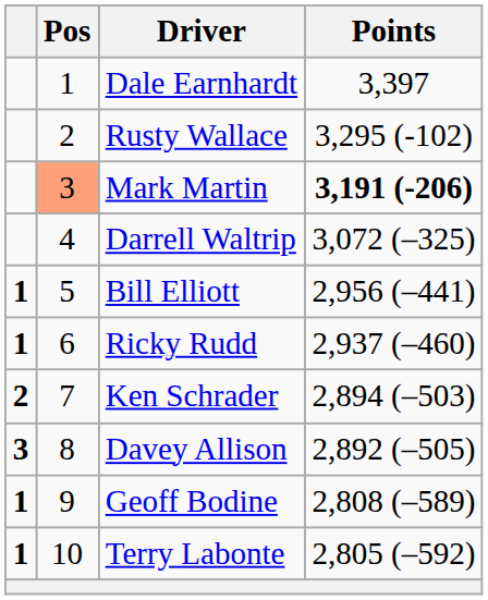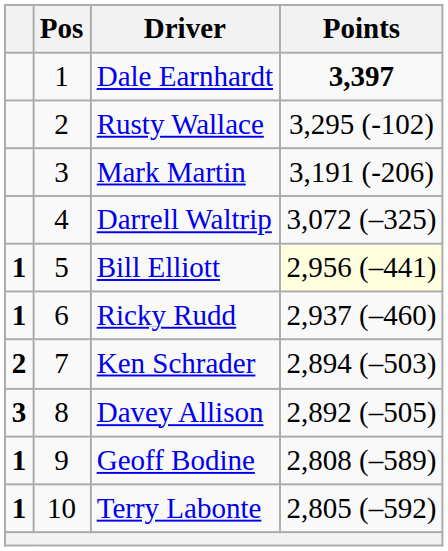 <table class="wikitable" style="font-size: 95%;">
 <tr>
 <th></th>
 <th>Pos</th>
 <th>Driver</th>
 <th>Points</th>
 </tr>
 <tr>
 <td align="left"></td>
 <td style="text-align:center;">1</td>
 <td><a href='#'>Dale Earnhardt</a></td>
-<td style="text-align:center;">3,397</td>
+<td style="text-align:center;"><strong>3,397</strong></td>
 </tr>
 <tr>
 <td align="left"></td>
 <td style="text-align:center;">2</td>
 <td><a href='#'>Rusty Wallace</a></td>
 <td style="text-align:center;">3,295 (-102)</td>
 </tr>
 <tr>
 <td align="left"></td>
-<td style="background: lightsalmon; text-align:center;">3</td>
+<td style="text-align:center;">3</td>
 <td><a href='#'>Mark Martin</a></td>
-<td style="text-align:center;"><strong>3,191 (-206)</strong></td>
+<td style="text-align:center;">3,191 (-206)</td>
 </tr>
 <tr>
 <td align="left"></td>
 <td style="text-align:center;">4</td>
 <td><a href='#'>Darrell Waltrip</a></td>
 <td style="text-align:center;">3,072 (–325)</td>
 </tr>
 <tr>
 <td align="left">  <strong>1</strong></td>
 <td style="text-align:center;">5</td>
 <td><a href='#'>Bill Elliott</a></td>
-<td style="text-align:center;">2,956 (–441)</td>
+<td style="background: lightyellow; text-align:center;">2,956 (–441)</td>
 </tr>
 <tr>
 <td align="left">  <strong>1</strong></td>
 <td style="text-align:center;">6</td>
 <td><a href='#'>Ricky Rudd</a></td>
 <td style="text-align:center;">2,937 (–460)</td>
 </tr>
 <tr>
 <td align="left">  <strong>2</strong></td>
 <td style="text-align:center;">7</td>
 <td><a href='#'>Ken Schrader</a></td>
 <td style="text-align:center;">2,894 (–503)</td>
 </tr>
 <tr>
 <td align="left">  <strong>3</strong></td>
 <td style="text-align:center;">8</td>
 <td><a href='#'>Davey Allison</a></td>
 <td style="text-align:center;">2,892 (–505)</td>
 </tr>
 <tr>
 <td align="left">  <strong>1</strong></td>
 <td style="text-align:center;">9</td>
 <td><a href='#'>Geoff Bodine</a></td>
 <td style="text-align:center;">2,808 (–589)</td>
 </tr>
 <tr>
 <td align="left">  <strong>1</strong></td>
 <td style="text-align:center;">10</td>
 <td><a href='#'>Terry Labonte</a></td>
 <td style="text-align:center;">2,805 (–592)</td>
 </tr>
 <tr class="sortbottom">
 <th colspan="9"></th>
 </tr>
 </table>
